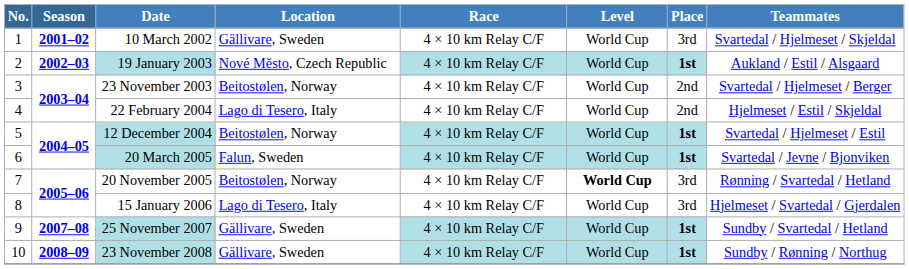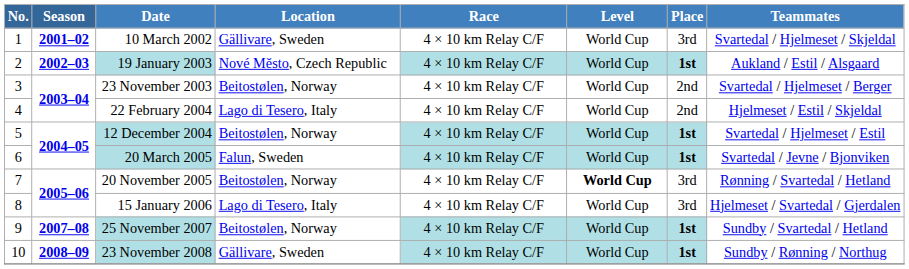 <table class="wikitable sortable" style="font-size:95%; text-align:center; border:grey solid 1px; border-collapse:collapse; background:#ffffff;">
 <tr style="background:#efefef;">
 <th style="background-color:#369; color:white;">No.</th>
 <th style="background-color:#369; color:white;">Season</th>
 <th style="background-color:#4180be; color:white; width:120px;">Date</th>
 <th style="background-color:#4180be; color:white; width:190px;">Location</th>
 <th style="background-color:#4180be; color:white; width:170px;">Race</th>
 <th style="background-color:#4180be; color:white; width:100px;">Level</th>
 <th style="background-color:#4180be; color:white;">Place</th>
 <th style="background-color:#4180be; color:white;">Teammates</th>
 </tr>
 <tr>
 <td align=center>1</td>
 <td rowspan=1 align=center><strong> <a href='#'>2001–02</a> </strong></td>
 <td align=right>10 March 2002</td>
 <td align=left> <a href='#'>Gällivare</a>, Sweden</td>
 <td>4 × 10 km Relay C/F</td>
 <td>World Cup</td>
 <td>3rd</td>
 <td><a href='#'>Svartedal</a> / <a href='#'>Hjelmeset</a> / <a href='#'>Skjeldal</a></td>
 </tr>
 <tr>
 <td align=center>2</td>
 <td rowspan=1 align=center><strong><a href='#'>2002–03</a></strong></td>
 <td bgcolor="#BOEOE6" align=right>19 January 2003</td>
 <td align=left> <a href='#'>Nové Město</a>, Czech Republic</td>
 <td bgcolor="#BOEOE6">4 × 10 km Relay C/F</td>
 <td bgcolor="#BOEOE6">World Cup</td>
 <td bgcolor="#BOEOE6"><strong>1st</strong></td>
 <td><a href='#'>Aukland</a> / <a href='#'>Estil</a> / <a href='#'>Alsgaard</a></td>
 </tr>
 <tr>
 <td align=center>3</td>
 <td rowspan=2 align=center><strong> <a href='#'>2003–04</a> </strong></td>
 <td align=right>23 November 2003</td>
 <td align=left> <a href='#'>Beitostølen</a>, Norway</td>
 <td>4 × 10 km Relay C/F</td>
 <td>World Cup</td>
 <td>2nd</td>
 <td><a href='#'>Svartedal</a> / <a href='#'>Hjelmeset</a> / <a href='#'>Berger</a></td>
 </tr>
 <tr>
 <td align=center>4</td>
 <td align=right>22 February 2004</td>
 <td align=left> <a href='#'>Lago di Tesero</a>, Italy</td>
 <td>4 × 10 km Relay C/F</td>
 <td>World Cup</td>
 <td>2nd</td>
 <td><a href='#'>Hjelmeset</a> / <a href='#'>Estil</a> / <a href='#'>Skjeldal</a></td>
 </tr>
 <tr>
 <td align=center>5</td>
 <td rowspan=2 align=center><strong><a href='#'>2004–05</a></strong></td>
 <td bgcolor="#BOEOE6" align=right>12 December 2004</td>
 <td align=left> <a href='#'>Beitostølen</a>, Norway</td>
 <td bgcolor="#BOEOE6">4 × 10 km Relay C/F</td>
 <td bgcolor="#BOEOE6">World Cup</td>
 <td bgcolor="#BOEOE6"><strong>1st</strong></td>
 <td><a href='#'>Svartedal</a> / <a href='#'>Hjelmeset</a> / <a href='#'>Estil</a></td>
 </tr>
 <tr>
 <td align=center>6</td>
 <td bgcolor="#BOEOE6" align=right>20 March 2005</td>
 <td align=left> <a href='#'>Falun</a>, Sweden</td>
 <td bgcolor="#BOEOE6">4 × 10 km Relay C/F</td>
 <td bgcolor="#BOEOE6">World Cup</td>
 <td bgcolor="#BOEOE6"><strong>1st</strong></td>
 <td><a href='#'>Svartedal</a> / <a href='#'>Jevne</a> / <a href='#'>Bjonviken</a></td>
 </tr>
 <tr>
 <td align=center>7</td>
 <td rowspan=2 align=center><strong> <a href='#'>2005–06</a> </strong></td>
 <td align=right>20 November 2005</td>
 <td align=left> <a href='#'>Beitostølen</a>, Norway</td>
 <td>4 × 10 km Relay C/F</td>
 <td><strong>World Cup</strong></td>
 <td>3rd</td>
 <td><a href='#'>Rønning</a> / <a href='#'>Svartedal</a> / <a href='#'>Hetland</a></td>
 </tr>
 <tr>
 <td align=center>8</td>
 <td align=right>15 January 2006</td>
 <td align=left> <a href='#'>Lago di Tesero</a>, Italy</td>
 <td>4 × 10 km Relay C/F</td>
 <td>World Cup</td>
 <td>3rd</td>
 <td><a href='#'>Hjelmeset</a> / <a href='#'>Svartedal</a> / <a href='#'>Gjerdalen</a></td>
 </tr>
 <tr>
 <td align=center>9</td>
 <td rowspan=1 align=center><strong><a href='#'>2007–08</a></strong></td>
 <td bgcolor="#BOEOE6" align=right>25 November 2007</td>
-<td align=left> <a href='#'>Gällivare</a>, Sweden</td>
+<td align=left> <a href='#'>Beitostølen</a>, Norway</td>
 <td bgcolor="#BOEOE6">4 × 10 km Relay C/F</td>
 <td bgcolor="#BOEOE6">World Cup</td>
 <td bgcolor="#BOEOE6"><strong>1st</strong></td>
 <td><a href='#'>Sundby</a> / <a href='#'>Svartedal</a>  / <a href='#'>Hetland</a></td>
 </tr>
 <tr>
 <td align=center>10</td>
 <td rowspan=1 align=center><strong><a href='#'>2008–09</a></strong></td>
 <td bgcolor="#BOEOE6" align=right>23 November 2008</td>
 <td align=left> <a href='#'>Gällivare</a>, Sweden</td>
 <td bgcolor="#BOEOE6">4 × 10 km Relay C/F</td>
 <td bgcolor="#BOEOE6">World Cup</td>
 <td bgcolor="#BOEOE6"><strong>1st</strong></td>
 <td><a href='#'>Sundby</a> / <a href='#'>Rønning</a> / <a href='#'>Northug</a></td>
 </tr>
 <tr>
 </tr>
 </table>
